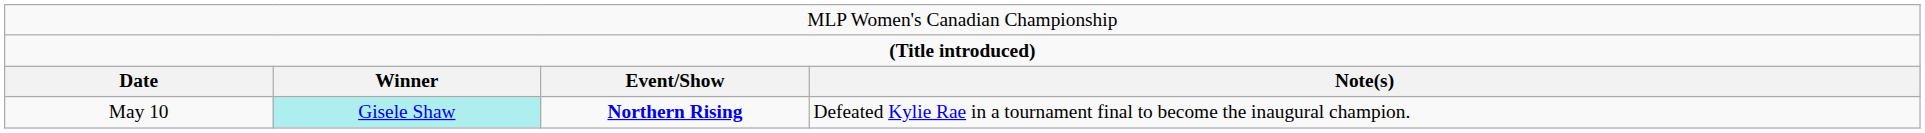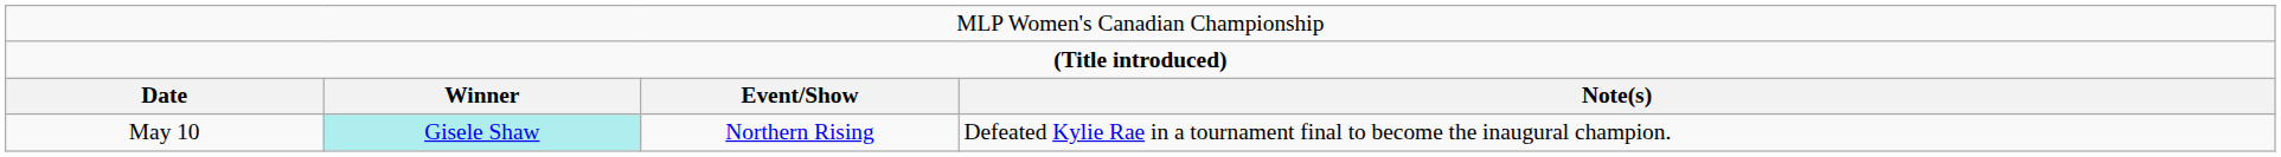 <table class="wikitable" style="text-align:center; width:100%;">
 <tr>
 <td colspan="4" style="text-align: center;">MLP Women's Canadian Championship</td>
 </tr>
 <tr>
 <td colspan="4" style="text-align: center;"><strong>(Title introduced)</strong></td>
 </tr>
 <tr>
 <th width=14%>Date</th>
 <th width=14%>Winner</th>
 <th width=14%>Event/Show</th>
 <th width=58%>Note(s)</th>
 </tr>
 <tr>
 <td>May 10</td>
 <td style="background: paleturquoise;"><a href='#'>Gisele Shaw</a></td>
-<td><strong><a href='#'>Northern Rising</a></strong></td>
+<td><a href='#'>Northern Rising</a></td>
 <td align=left>Defeated <a href='#'>Kylie Rae</a> in a tournament final to become the inaugural champion.</td>
 </tr>
 </table>
